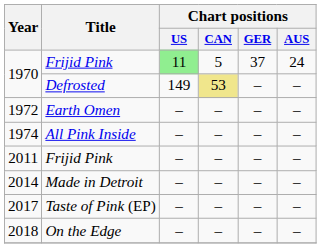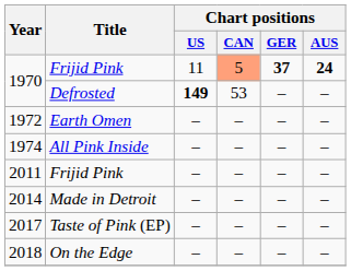 <table class="wikitable" style="text-align:center;">
 <tr>
 <th rowspan="2"><strong>Year</strong></th>
 <th rowspan="2"><strong>Title</strong></th>
 <th colspan="4">Chart positions</th>
 </tr>
 <tr style="font-size:smaller;">
 <th width="35"><a href='#'>US</a><br></th>
 <th width="35"><a href='#'>CAN</a><br></th>
 <th width="35"><a href='#'>GER</a><br></th>
 <th width="35"><a href='#'>AUS</a><br></th>
 </tr>
 <tr>
 <td rowspan="2">1970</td>
 <td align="left"><em><a href='#'>Frijid Pink</a></em></td>
-<td style="background: lightgreen;">11</td>
-<td>5</td>
-<td>37</td>
-<td>24</td>
+<td>11</td>
+<td style="background: lightsalmon;">5</td>
+<td><strong>37</strong></td>
+<td><strong>24</strong></td>
 </tr>
 <tr>
 <td align="left"><em><a href='#'>Defrosted</a></em></td>
-<td>149</td>
-<td style="background: khaki;">53</td>
+<td><strong>149</strong></td>
+<td>53</td>
 <td>–</td>
 <td>–</td>
 </tr>
 <tr>
 <td>1972</td>
 <td align="left"><em><a href='#'>Earth Omen</a></em></td>
 <td>–</td>
 <td>–</td>
 <td>–</td>
 <td>–</td>
 </tr>
 <tr>
 <td>1974</td>
 <td align="left"><em><a href='#'>All Pink Inside</a></em></td>
 <td>–</td>
 <td>–</td>
 <td>–</td>
 <td>–</td>
 </tr>
 <tr>
 <td>2011</td>
 <td align="left"><em>Frijid Pink</em></td>
 <td>–</td>
 <td>–</td>
 <td>–</td>
 <td>–</td>
 </tr>
 <tr>
 <td>2014</td>
 <td align="left"><em>Made in Detroit</em></td>
 <td>–</td>
 <td>–</td>
 <td>–</td>
 <td>–</td>
 </tr>
 <tr>
 <td>2017</td>
 <td align="left"><em>Taste of Pink</em> (EP)</td>
 <td>–</td>
 <td>–</td>
 <td>–</td>
 <td>–</td>
 </tr>
 <tr>
 <td>2018</td>
 <td align="left"><em>On the Edge</em></td>
 <td>–</td>
 <td>–</td>
 <td>–</td>
 <td>–</td>
 </tr>
 <tr>
 </tr>
 </table>
